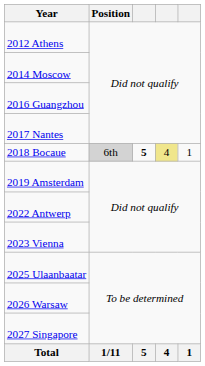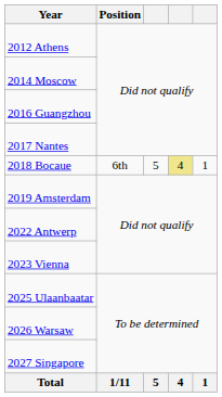 <table class="wikitable" style="text-align: center;">
 <tr>
 <th>Year</th>
 <th>Position</th>
 <th width=25px></th>
 <th width=25px></th>
 <th width=25px></th>
 </tr>
 <tr>
 <td style="text-align: left;"><br> <a href='#'>2012 Athens</a></td>
 <td colspan="4" rowspan="4"><em>Did not qualify</em></td>
 </tr>
 <tr>
 <td style="text-align: left;"><br> <a href='#'>2014 Moscow</a></td>
 </tr>
 <tr>
 <td style="text-align: left;"><br> <a href='#'>2016 Guangzhou</a></td>
 </tr>
 <tr>
 <td style="text-align: left;"><br> <a href='#'>2017 Nantes</a></td>
 </tr>
 <tr>
 <td style="text-align: left;"> <a href='#'>2018 Bocaue</a></td>
-<td style="background: lightgrey;">6th</td>
-<td><strong>5</strong></td>
+<td>6th</td>
+<td>5</td>
 <td style="background: khaki;">4</td>
 <td>1</td>
 </tr>
 <tr>
 <td style="text-align: left;"><br> <a href='#'>2019 Amsterdam</a></td>
 <td colspan="4" rowspan="3"><em>Did not qualify</em></td>
 </tr>
 <tr>
 <td style="text-align: left;"><br> <a href='#'>2022 Antwerp</a></td>
 </tr>
 <tr>
 <td style="text-align: left;"><br> <a href='#'>2023 Vienna</a></td>
 </tr>
 <tr>
 <td style="text-align: left;"><br> <a href='#'>2025 Ulaanbaatar</a></td>
 <td colspan="4" rowspan="3"><em>To be determined</em></td>
 </tr>
 <tr>
 <td style="text-align: left;"><br> <a href='#'>2026 Warsaw</a></td>
 </tr>
 <tr>
 <td style="text-align: left;"><br> <a href='#'>2027 Singapore</a></td>
 </tr>
 <tr>
 <th>Total</th>
 <th>1/11</th>
 <th>5</th>
 <th>4</th>
 <th>1</th>
 </tr>
 </table>
